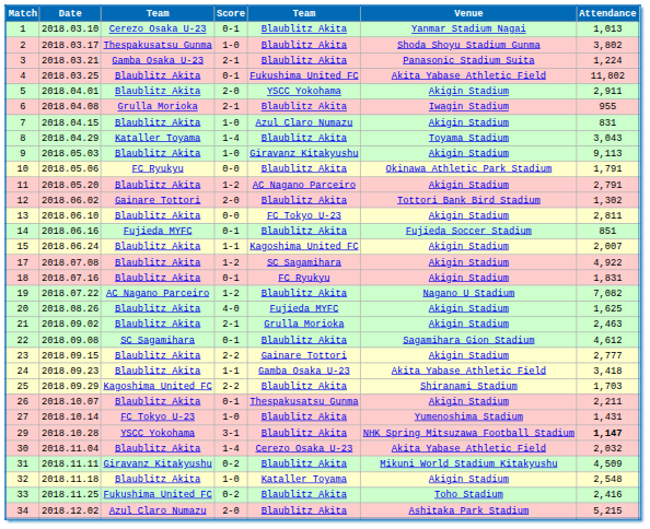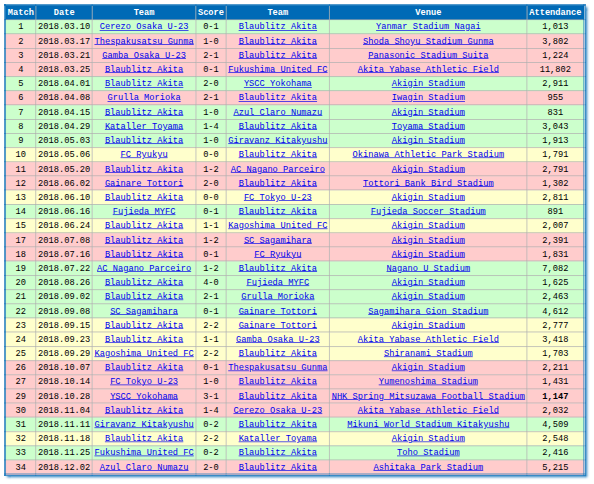 <table class="wikitable" style="text-align:center; white-space:nowrap; border:double #006AB6; box-shadow: 4px 4px 4px #006AB6">
 <tr style="background-color:#006AB6; color:#FFF; font-weight:bold;">
 <td>Match</td>
 <td>Date</td>
 <td>Team</td>
 <td>Score</td>
 <td>Team</td>
 <td>Venue</td>
 <td>Attendance</td>
 </tr>
 <tr style="background-color: #CCFFCC;">
 <td>1</td>
 <td>2018.03.10</td>
 <td><a href='#'>Cerezo Osaka U-23</a></td>
 <td>0-1</td>
 <td><a href='#'>Blaublitz Akita</a></td>
 <td><a href='#'>Yanmar Stadium Nagai</a></td>
 <td>1,013</td>
 </tr>
 <tr style="background-color: #FFCCCC;">
 <td>2</td>
 <td>2018.03.17</td>
 <td><a href='#'>Thespakusatsu Gunma</a></td>
 <td>1-0</td>
 <td><a href='#'>Blaublitz Akita</a></td>
 <td><a href='#'>Shoda Shoyu Stadium Gunma</a></td>
 <td>3,802</td>
 </tr>
 <tr style="background-color: #FFCCCC;">
 <td>3</td>
 <td>2018.03.21</td>
 <td><a href='#'>Gamba Osaka U-23</a></td>
 <td>2-1</td>
 <td><a href='#'>Blaublitz Akita</a></td>
 <td><a href='#'>Panasonic Stadium Suita</a></td>
 <td>1,224</td>
 </tr>
 <tr style="background-color: #FFCCCC;">
 <td>4</td>
 <td>2018.03.25</td>
 <td><a href='#'>Blaublitz Akita</a></td>
 <td>0-1</td>
 <td><a href='#'>Fukushima United FC</a></td>
 <td><a href='#'>Akita Yabase Athletic Field</a></td>
 <td>11,802</td>
 </tr>
 <tr style="background-color: #CCFFCC;">
 <td>5</td>
 <td>2018.04.01</td>
 <td><a href='#'>Blaublitz Akita</a></td>
 <td>2-0</td>
 <td><a href='#'>YSCC Yokohama</a></td>
 <td><a href='#'>Akigin Stadium</a></td>
 <td>2,911</td>
 </tr>
 <tr style="background-color: #FFCCCC;">
 <td>6</td>
 <td>2018.04.08</td>
 <td><a href='#'>Grulla Morioka</a></td>
 <td>2-1</td>
 <td><a href='#'>Blaublitz Akita</a></td>
 <td><a href='#'>Iwagin Stadium</a></td>
 <td>955</td>
 </tr>
 <tr style="background-color: #CCFFCC;">
 <td>7</td>
 <td>2018.04.15</td>
 <td><a href='#'>Blaublitz Akita</a></td>
 <td>1-0</td>
 <td><a href='#'>Azul Claro Numazu</a></td>
 <td><a href='#'>Akigin Stadium</a></td>
 <td>831</td>
 </tr>
 <tr style="background-color: #CCFFCC;">
 <td>8</td>
 <td>2018.04.29</td>
 <td><a href='#'>Kataller Toyama</a></td>
 <td>1-4</td>
 <td><a href='#'>Blaublitz Akita</a></td>
 <td><a href='#'>Toyama Stadium</a></td>
 <td>3,043</td>
 </tr>
 <tr style="background-color: #CCFFCC;">
 <td>9</td>
 <td>2018.05.03</td>
 <td><a href='#'>Blaublitz Akita</a></td>
 <td>1-0</td>
 <td><a href='#'>Giravanz Kitakyushu</a></td>
 <td><a href='#'>Akigin Stadium</a></td>
-<td>9,113</td>
+<td>1,913</td>
 </tr>
 <tr style="background-color: #FFFFCC;">
 <td>10</td>
 <td>2018.05.06</td>
 <td><a href='#'>FC Ryukyu</a></td>
 <td>0-0</td>
 <td><a href='#'>Blaublitz Akita</a></td>
 <td><a href='#'>Okinawa Athletic Park Stadium</a></td>
 <td>1,791</td>
 </tr>
 <tr style="background-color: #FFCCCC;">
 <td>11</td>
 <td>2018.05.20</td>
 <td><a href='#'>Blaublitz Akita</a></td>
 <td>1-2</td>
 <td><a href='#'>AC Nagano Parceiro</a></td>
 <td><a href='#'>Akigin Stadium</a></td>
 <td>2,791</td>
 </tr>
 <tr style="background-color: #FFCCCC;">
 <td>12</td>
 <td>2018.06.02</td>
 <td><a href='#'>Gainare Tottori</a></td>
 <td>2-0</td>
 <td><a href='#'>Blaublitz Akita</a></td>
 <td><a href='#'>Tottori Bank Bird Stadium</a></td>
 <td>1,302</td>
 </tr>
 <tr style="background-color: #FFFFCC;">
 <td>13</td>
 <td>2018.06.10</td>
 <td><a href='#'>Blaublitz Akita</a></td>
 <td>0-0</td>
 <td><a href='#'>FC Tokyo U-23</a></td>
 <td><a href='#'>Akigin Stadium</a></td>
 <td>2,811</td>
 </tr>
 <tr style="background-color: #CCFFCC;">
 <td>14</td>
 <td>2018.06.16</td>
 <td><a href='#'>Fujieda MYFC</a></td>
 <td>0-1</td>
 <td><a href='#'>Blaublitz Akita</a></td>
 <td><a href='#'>Fujieda Soccer Stadium</a></td>
-<td>851</td>
+<td>891</td>
 </tr>
 <tr style="background-color: #FFFFCC;">
 <td>15</td>
 <td>2018.06.24</td>
 <td><a href='#'>Blaublitz Akita</a></td>
 <td>1-1</td>
 <td><a href='#'>Kagoshima United FC</a></td>
 <td><a href='#'>Akigin Stadium</a></td>
 <td>2,007</td>
 </tr>
 <tr style="background-color: #FFCCCC;">
 <td>17</td>
 <td>2018.07.08</td>
 <td><a href='#'>Blaublitz Akita</a></td>
 <td>1-2</td>
 <td><a href='#'>SC Sagamihara</a></td>
 <td><a href='#'>Akigin Stadium</a></td>
-<td>4,922</td>
+<td>2,391</td>
 </tr>
 <tr style="background-color: #FFCCCC;">
 <td>18</td>
 <td>2018.07.16</td>
 <td><a href='#'>Blaublitz Akita</a></td>
 <td>0-1</td>
 <td><a href='#'>FC Ryukyu</a></td>
 <td><a href='#'>Akigin Stadium</a></td>
 <td>1,831</td>
 </tr>
 <tr style="background-color: #CCFFCC;">
 <td>19</td>
 <td>2018.07.22</td>
 <td><a href='#'>AC Nagano Parceiro</a></td>
 <td>1-2</td>
 <td><a href='#'>Blaublitz Akita</a></td>
 <td><a href='#'>Nagano U Stadium</a></td>
 <td>7,082</td>
 </tr>
 <tr style="background-color: #CCFFCC;">
 <td>20</td>
 <td>2018.08.26</td>
 <td><a href='#'>Blaublitz Akita</a></td>
 <td>4-0</td>
 <td><a href='#'>Fujieda MYFC</a></td>
 <td><a href='#'>Akigin Stadium</a></td>
 <td>1,625</td>
 </tr>
 <tr style="background-color: #CCFFCC;">
 <td>21</td>
 <td>2018.09.02</td>
 <td><a href='#'>Blaublitz Akita</a></td>
 <td>2-1</td>
 <td><a href='#'>Grulla Morioka</a></td>
 <td><a href='#'>Akigin Stadium</a></td>
 <td>2,463</td>
 </tr>
 <tr style="background-color: #CCFFCC;">
 <td>22</td>
 <td>2018.09.08</td>
 <td><a href='#'>SC Sagamihara</a></td>
 <td>0-1</td>
-<td><a href='#'>Blaublitz Akita</a></td>
+<td><a href='#'>Gainare Tottori</a></td>
 <td><a href='#'>Sagamihara Gion Stadium</a></td>
 <td>4,612</td>
 </tr>
 <tr style="background-color: #FFFFCC;">
 <td>23</td>
 <td>2018.09.15</td>
 <td><a href='#'>Blaublitz Akita</a></td>
 <td>2-2</td>
 <td><a href='#'>Gainare Tottori</a></td>
 <td><a href='#'>Akigin Stadium</a></td>
 <td>2,777</td>
 </tr>
 <tr style="background-color: #FFFFCC;">
 <td>24</td>
 <td>2018.09.23</td>
 <td><a href='#'>Blaublitz Akita</a></td>
 <td>1-1</td>
 <td><a href='#'>Gamba Osaka U-23</a></td>
 <td><a href='#'>Akita Yabase Athletic Field</a></td>
 <td>3,418</td>
 </tr>
 <tr style="background-color: #FFFFCC;">
 <td>25</td>
 <td>2018.09.29</td>
 <td><a href='#'>Kagoshima United FC</a></td>
 <td>2-2</td>
 <td><a href='#'>Blaublitz Akita</a></td>
 <td><a href='#'>Shiranami Stadium</a></td>
 <td>1,703</td>
 </tr>
 <tr style="background-color: #FFCCCC;">
 <td>26</td>
 <td>2018.10.07</td>
 <td><a href='#'>Blaublitz Akita</a></td>
 <td>0-1</td>
 <td><a href='#'>Thespakusatsu Gunma</a></td>
 <td><a href='#'>Akigin Stadium</a></td>
 <td>2,211</td>
 </tr>
 <tr style="background-color: #FFCCCC;">
 <td>27</td>
 <td>2018.10.14</td>
 <td><a href='#'>FC Tokyo U-23</a></td>
 <td>1-0</td>
 <td><a href='#'>Blaublitz Akita</a></td>
 <td><a href='#'>Yumenoshima Stadium</a></td>
 <td>1,431</td>
 </tr>
 <tr style="background-color: #FFCCCC;">
 <td>29</td>
 <td>2018.10.28</td>
 <td><a href='#'>YSCC Yokohama</a></td>
 <td>3-1</td>
 <td><a href='#'>Blaublitz Akita</a></td>
 <td><a href='#'>NHK Spring Mitsuzawa Football Stadium</a></td>
 <td><strong>1,147</strong></td>
 </tr>
 <tr style="background-color: #FFCCCC;">
 <td>30</td>
 <td>2018.11.04</td>
 <td><a href='#'>Blaublitz Akita</a></td>
 <td>1-4</td>
 <td><a href='#'>Cerezo Osaka U-23</a></td>
 <td><a href='#'>Akita Yabase Athletic Field</a></td>
 <td>2,032</td>
 </tr>
 <tr style="background-color: #CCFFCC;">
 <td>31</td>
 <td>2018.11.11</td>
 <td><a href='#'>Giravanz Kitakyushu</a></td>
 <td>0-2</td>
 <td><a href='#'>Blaublitz Akita</a></td>
 <td><a href='#'>Mikuni World Stadium Kitakyushu</a></td>
 <td>4,509</td>
 </tr>
 <tr style="background-color: #FFFFCC;">
 <td>32</td>
 <td>2018.11.18</td>
 <td><a href='#'>Blaublitz Akita</a></td>
-<td>1-0</td>
+<td>2-2</td>
 <td><a href='#'>Kataller Toyama</a></td>
 <td><a href='#'>Akigin Stadium</a></td>
 <td>2,548</td>
 </tr>
 <tr style="background-color: #CCFFCC;">
 <td>33</td>
 <td>2018.11.25</td>
 <td><a href='#'>Fukushima United FC</a></td>
 <td>0-2</td>
 <td><a href='#'>Blaublitz Akita</a></td>
 <td><a href='#'>Toho Stadium</a></td>
 <td>2,416</td>
 </tr>
 <tr style="background-color: #FFCCCC;">
 <td>34</td>
 <td>2018.12.02</td>
 <td><a href='#'>Azul Claro Numazu</a></td>
 <td>2-0</td>
 <td><a href='#'>Blaublitz Akita</a></td>
 <td><a href='#'>Ashitaka Park Stadium</a></td>
 <td>5,215</td>
 </tr>
 </table>
